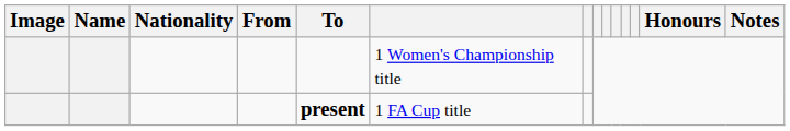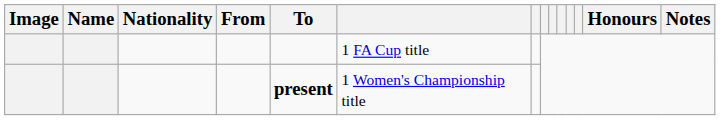 <table class="wikitable plainrowheaders sortable">
 <tr>
 <th scope="col">Image</th>
 <th scope="col">Name</th>
 <th scope="col">Nationality</th>
 <th scope="col">From</th>
 <th scope="col">To</th>
 <th scope="col"></th>
 <th scope="col"></th>
 <th scope="col"></th>
 <th scope="col"></th>
 <th scope="col"></th>
 <th scope="col"></th>
 <th scope="col"></th>
 <th scope="col">Honours</th>
 <th scope="col" class="unsortable">Notes</th>
 </tr>
 <tr>
 <th></th>
 <th scope="row"></th>
 <td></td>
 <td></td>
 <td><br></td>
-<td><small>1 <a href='#'>Women's Championship</a> title</small></td>
+<td><small>1 <a href='#'>FA Cup</a> title</small></td>
 <td></td>
 </tr>
 <tr>
 <th></th>
 <th scope="row"></th>
 <td></td>
 <td></td>
 <td><strong>present<br></strong></td>
-<td><small>1 <a href='#'>FA Cup</a> title</small></td>
+<td><small>1 <a href='#'>Women's Championship</a> title</small></td>
 <td></td>
 </tr>
 </table>
